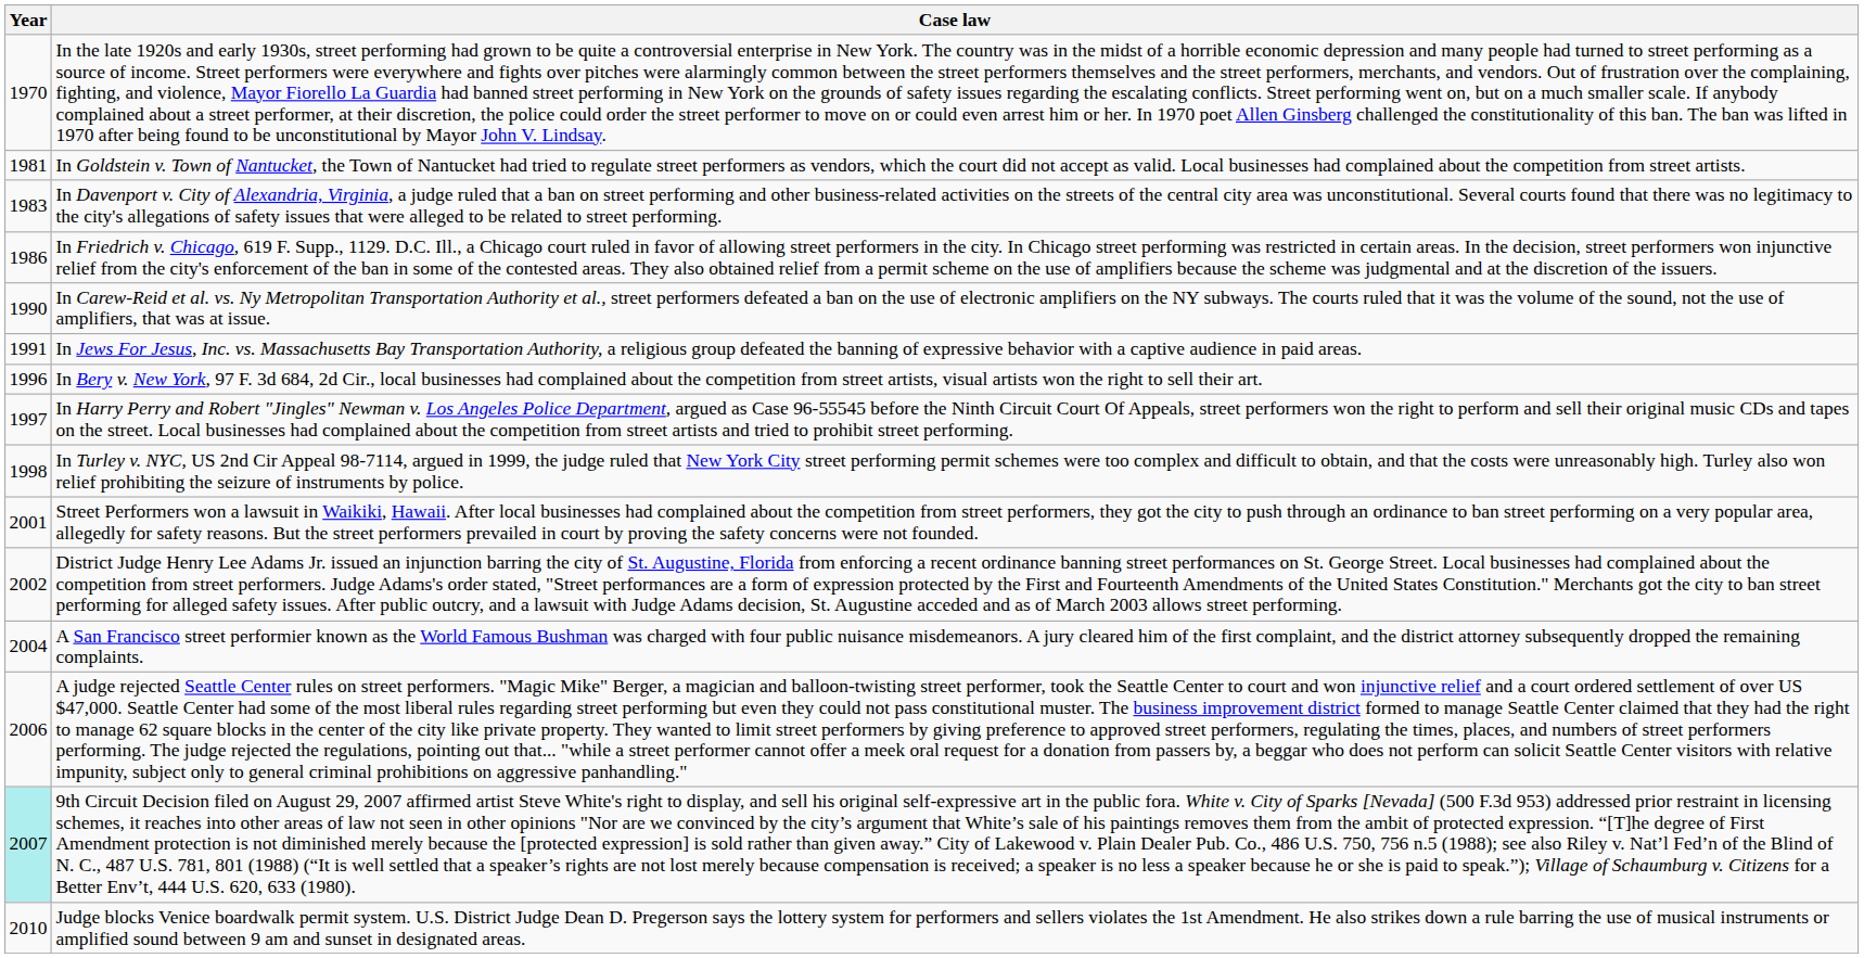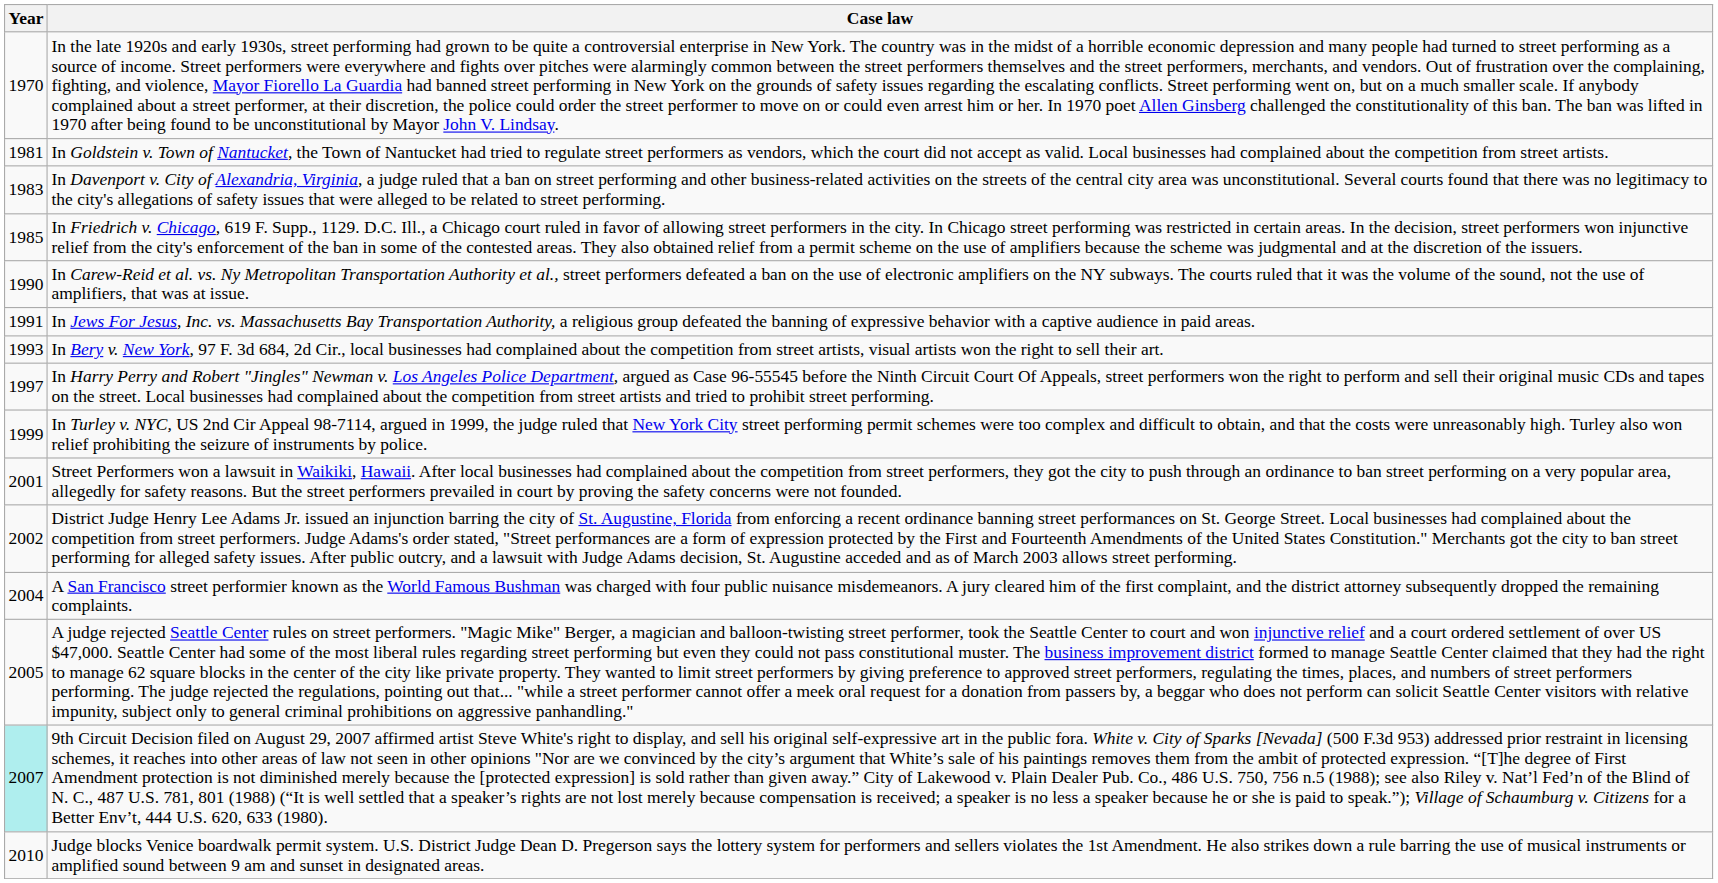 <table class="wikitable">
 <tr>
 <th>Year</th>
 <th>Case law</th>
 </tr>
 <tr>
 <td>1970</td>
 <td>In the late 1920s and early 1930s, street performing had grown to be quite a controversial enterprise in New York. The country was in the midst of a horrible economic depression and many people had turned to street performing as a source of income. Street performers were everywhere and fights over pitches were alarmingly common between the street performers themselves and the street performers, merchants, and vendors. Out of frustration over the complaining, fighting, and violence, <a href='#'>Mayor Fiorello La Guardia</a> had banned street performing in New York on the grounds of safety issues regarding the escalating conflicts. Street performing went on, but on a much smaller scale. If anybody complained about a street performer, at their discretion, the police could order the street performer to move on or could even arrest him or her. In 1970 poet <a href='#'>Allen Ginsberg</a> challenged the constitutionality of this ban. The ban was lifted in 1970 after being found to be unconstitutional by Mayor <a href='#'>John V. Lindsay</a>.</td>
 </tr>
 <tr>
 <td>1981</td>
 <td>In <em>Goldstein v. Town of <a href='#'>Nantucket</a>,</em> the Town of Nantucket had tried to regulate street performers as vendors, which the court did not accept as valid. Local businesses had complained about the competition from street artists.</td>
 </tr>
 <tr>
 <td>1983</td>
 <td>In <em>Davenport v. City of <a href='#'>Alexandria, Virginia</a>,</em> a judge ruled that a ban on street performing and other business-related activities on the streets of the central city area was unconstitutional. Several courts found that there was no legitimacy to the city's allegations of safety issues that were alleged to be related to street performing.</td>
 </tr>
 <tr>
-<td>1986</td>
+<td>1985</td>
 <td>In <em>Friedrich v. <a href='#'>Chicago</a>,</em> 619 F. Supp., 1129. D.C. Ill., a Chicago court ruled in favor of allowing street performers in the city. In Chicago street performing was restricted in certain areas. In the decision, street performers won injunctive relief from the city's enforcement of the ban in some of the contested areas. They also obtained relief from a permit scheme on the use of amplifiers because the scheme was judgmental and at the discretion of the issuers.</td>
 </tr>
 <tr>
 <td>1990</td>
 <td>In <em>Carew-Reid et al. vs. Ny Metropolitan Transportation Authority et al.,</em> street performers defeated a ban on the use of electronic amplifiers on the NY subways. The courts ruled that it was the volume of the sound, not the use of amplifiers, that was at issue.</td>
 </tr>
 <tr>
 <td>1991</td>
 <td>In <em><a href='#'>Jews For Jesus</a>, Inc. vs. Massachusetts Bay Transportation Authority,</em> a religious group defeated the banning of expressive behavior with a captive audience in paid areas.</td>
 </tr>
 <tr>
-<td>1996</td>
+<td>1993</td>
 <td>In <em><a href='#'>Bery</a> v. <a href='#'>New York</a>,</em> 97 F. 3d 684, 2d Cir., local businesses had complained about the competition from street artists, visual artists won the right to sell their art.</td>
 </tr>
 <tr>
 <td>1997</td>
 <td>In <em>Harry Perry and Robert "Jingles" Newman v. <a href='#'>Los Angeles Police Department</a>,</em> argued as Case 96-55545 before the Ninth Circuit Court Of Appeals, street performers won the right to perform and sell their original music CDs and tapes on the street. Local businesses had complained about the competition from street artists and tried to prohibit street performing.</td>
 </tr>
 <tr>
-<td>1998</td>
+<td>1999</td>
 <td>In <em>Turley v. NYC,</em> US 2nd Cir Appeal 98-7114, argued in 1999, the judge ruled that <a href='#'>New York City</a> street performing permit schemes were too complex and difficult to obtain, and that the costs were unreasonably high. Turley also won relief prohibiting the seizure of instruments by police.</td>
 </tr>
 <tr>
 <td>2001</td>
 <td>Street Performers won a lawsuit in <a href='#'>Waikiki</a>, <a href='#'>Hawaii</a>. After local businesses had complained about the competition from street performers, they got the city to push through an ordinance to ban street performing on a very popular area, allegedly for safety reasons. But the street performers prevailed in court by proving the safety concerns were not founded.</td>
 </tr>
 <tr>
 <td>2002</td>
 <td>District Judge Henry Lee Adams Jr. issued an injunction barring the city of <a href='#'>St. Augustine, Florida</a> from enforcing a recent ordinance banning street performances on St. George Street. Local businesses had complained about the competition from street performers. Judge Adams's order stated, "Street performances are a form of expression protected by the First and Fourteenth Amendments of the United States Constitution." Merchants got the city to ban street performing for alleged safety issues. After public outcry, and a lawsuit with Judge Adams decision, St. Augustine acceded and as of March 2003 allows street performing.</td>
 </tr>
 <tr>
 <td>2004</td>
 <td>A <a href='#'>San Francisco</a> street performier known as the <a href='#'>World Famous Bushman</a> was charged with four public nuisance misdemeanors. A jury cleared him of the first complaint, and the district attorney subsequently dropped the remaining complaints.</td>
 </tr>
 <tr>
-<td>2006</td>
+<td>2005</td>
 <td>A judge rejected <a href='#'>Seattle Center</a> rules on street performers. "Magic Mike" Berger, a magician and balloon-twisting street performer, took the Seattle Center to court and won <a href='#'>injunctive relief</a> and a court ordered settlement of over US $47,000. Seattle Center had some of the most liberal rules regarding street performing but even they could not pass constitutional muster. The <a href='#'>business improvement district</a> formed to manage Seattle Center claimed that they had the right to manage 62 square blocks in the center of the city like private property. They wanted to limit street performers by giving preference to approved street performers, regulating the times, places, and numbers of street performers performing. The judge rejected the regulations, pointing out that... "while a street performer cannot offer a meek oral request for a donation from passers by, a beggar who does not perform can solicit Seattle Center visitors with relative impunity, subject only to general criminal prohibitions on aggressive panhandling."</td>
 </tr>
 <tr>
 <td style="background: paleturquoise;">2007</td>
 <td>9th Circuit Decision filed on August 29, 2007 affirmed artist Steve White's right to display, and sell his original self-expressive art in the public fora. <em>White v. City of Sparks [Nevada]</em> (500 F.3d 953) addressed prior restraint in licensing schemes, it reaches into other areas of law not seen in other opinions "Nor are we convinced by the city’s argument that White’s sale of his paintings removes them from the ambit of protected expression. “[T]he degree of First Amendment protection is not diminished merely because the [protected expression] is sold rather than given away.” City of Lakewood v. Plain Dealer Pub. Co., 486 U.S. 750, 756 n.5 (1988); see also Riley v. Nat’l Fed’n of the Blind of N. C., 487 U.S. 781, 801 (1988) (“It is well settled that a speaker’s rights are not lost merely because compensation is received; a speaker is no less a speaker because he or she is paid to speak.”); <em>Village of Schaumburg v. Citizens</em> for a Better Env’t, 444 U.S. 620, 633 (1980).</td>
 </tr>
 <tr>
 <td>2010</td>
 <td>Judge blocks Venice boardwalk permit system. U.S. District Judge Dean D. Pregerson says the lottery system for performers and sellers violates the 1st Amendment. He also strikes down a rule barring the use of musical instruments or amplified sound between 9 am and sunset in designated areas.</td>
 </tr>
 </table>
